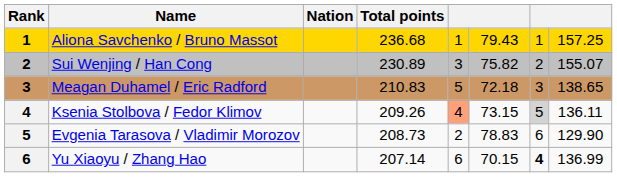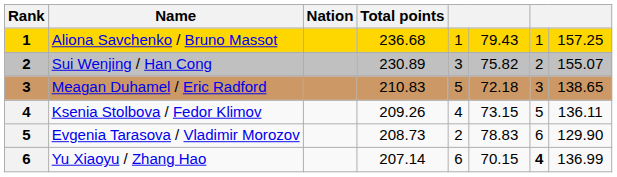 <table class="wikitable sortable">
 <tr>
 <th>Rank</th>
 <th>Name</th>
 <th>Nation</th>
 <th>Total points</th>
 <th colspan="2" width="80px"></th>
 <th colspan="2" width="80px"></th>
 </tr>
 <tr bgcolor="gold">
 <td align="center"><strong>1</strong></td>
 <td><a href='#'>Aliona Savchenko</a> / <a href='#'>Bruno Massot</a></td>
 <td></td>
 <td align="center">236.68</td>
 <td align="center">1</td>
 <td align="center">79.43</td>
 <td align="center">1</td>
 <td align="center">157.25</td>
 </tr>
 <tr bgcolor="silver">
 <td align="center"><strong>2</strong></td>
 <td><a href='#'>Sui Wenjing</a> / <a href='#'>Han Cong</a></td>
 <td></td>
 <td align="center">230.89</td>
 <td align="center">3</td>
 <td align="center">75.82</td>
 <td align="center">2</td>
 <td align="center">155.07</td>
 </tr>
 <tr bgcolor="cc9966">
 <td align="center"><strong>3</strong></td>
 <td><a href='#'>Meagan Duhamel</a> / <a href='#'>Eric Radford</a></td>
 <td></td>
 <td align="center">210.83</td>
 <td align="center">5</td>
 <td align="center">72.18</td>
 <td align="center">3</td>
 <td align="center">138.65</td>
 </tr>
 <tr>
 <th>4</th>
 <td><a href='#'>Ksenia Stolbova</a> / <a href='#'>Fedor Klimov</a></td>
 <td></td>
 <td align="center">209.26</td>
-<td align="center" style="background: lightsalmon;">4</td>
+<td align="center">4</td>
 <td align="center">73.15</td>
-<td align="center" style="background: lightgrey;">5</td>
+<td align="center">5</td>
 <td align="center">136.11</td>
 </tr>
 <tr>
 <th>5</th>
 <td><a href='#'>Evgenia Tarasova</a> / <a href='#'>Vladimir Morozov</a></td>
 <td></td>
 <td align="center">208.73</td>
 <td align="center">2</td>
 <td align="center">78.83</td>
 <td align="center">6</td>
 <td align="center">129.90</td>
 </tr>
 <tr>
 <th>6</th>
 <td><a href='#'>Yu Xiaoyu</a> / <a href='#'>Zhang Hao</a></td>
 <td></td>
 <td align="center">207.14</td>
 <td align="center">6</td>
 <td align="center">70.15</td>
 <td align="center"><strong>4</strong></td>
 <td align="center">136.99</td>
 </tr>
 </table>
